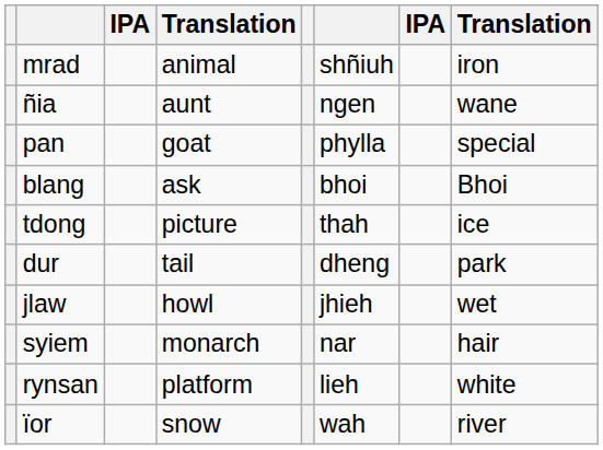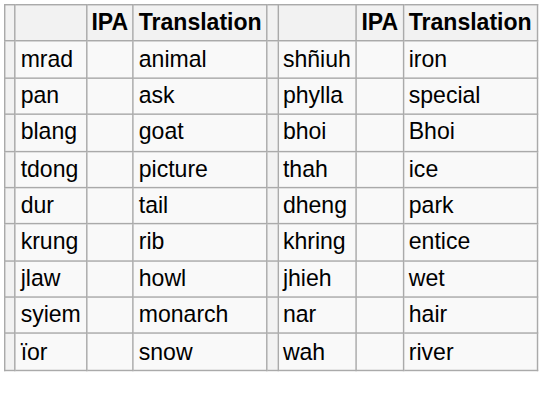 <table class= "wikitable" style= "text-aliɡn: center;"|>
 <tr>
 <th colspan =1></th>
 <th></th>
 <th>IPA</th>
 <th>Translation</th>
 <th></th>
 <th></th>
 <th>IPA</th>
 <th>Translation</th>
 </tr>
 <tr>
 <th></th>
 <td>mrad</td>
 <td></td>
 <td>animal</td>
 <th></th>
 <td>shñiuh</td>
 <td></td>
 <td>iron</td>
 </tr>
 <tr>
 <th></th>
-<td>ñia</td>
-<td></td>
-<td>aunt</td>
-<th></th>
-<td>ngen</td>
-<td></td>
-<td>wane</td>
-</tr>
-<tr>
-<th></th>
 <td>pan</td>
 <td></td>
-<td>goat</td>
+<td>ask</td>
 <th></th>
 <td>phylla</td>
 <td></td>
 <td>special</td>
 </tr>
 <tr>
 <th></th>
 <td>blang</td>
 <td></td>
-<td>ask</td>
+<td>goat</td>
 <th></th>
 <td>bhoi</td>
 <td></td>
 <td>Bhoi</td>
 </tr>
 <tr>
 <th></th>
 <td>tdong</td>
 <td></td>
 <td>picture</td>
 <th></th>
 <td>thah</td>
 <td></td>
 <td>ice</td>
 </tr>
 <tr>
 <th></th>
 <td>dur</td>
 <td></td>
 <td>tail</td>
 <th></th>
 <td>dheng</td>
 <td></td>
 <td>park</td>
 </tr>
 <tr>
 <th></th>
+<td>krung</td>
+<td></td>
+<td>rib</td>
+<th></th>
+<td>khring</td>
+<td></td>
+<td>entice</td>
+</tr>
+<tr>
+<th></th>
 <td>jlaw</td>
 <td></td>
 <td>howl</td>
 <th></th>
 <td>jhieh</td>
 <td></td>
 <td>wet</td>
 </tr>
 <tr>
 <th></th>
 <td>syiem</td>
 <td></td>
 <td>monarch</td>
 <th></th>
 <td>nar</td>
 <td></td>
 <td>hair</td>
 </tr>
 <tr>
 <th></th>
-<td>rynsan</td>
-<td></td>
-<td>platform</td>
-<th></th>
-<td>lieh</td>
-<td></td>
-<td>white</td>
-</tr>
-<tr>
-<th></th>
 <td>ïor</td>
 <td></td>
 <td>snow</td>
 <th></th>
 <td>wah</td>
 <td></td>
 <td>river</td>
 </tr>
 </table>
